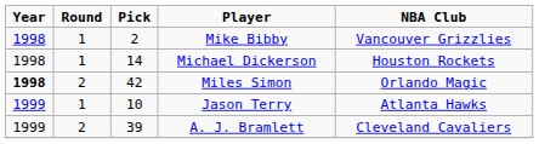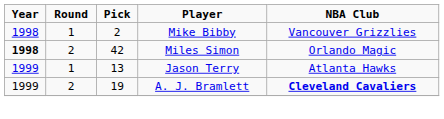 <table class="wikitable" width="40%">
 <tr align="center" style="background:#">
 <td><strong>Year</strong></td>
 <td><strong>Round</strong></td>
 <td><strong>Pick</strong></td>
 <td><strong>Player</strong></td>
 <td><strong>NBA Club</strong></td>
 </tr>
 <tr align="center" bgcolor="">
 <td><a href='#'>1998</a></td>
 <td>1</td>
 <td>2</td>
 <td><a href='#'>Mike Bibby</a></td>
 <td><a href='#'>Vancouver Grizzlies</a></td>
 </tr>
 <tr align="center" bgcolor="">
-<td>1998</td>
-<td>1</td>
-<td>14</td>
-<td><a href='#'>Michael Dickerson</a></td>
-<td><a href='#'>Houston Rockets</a></td>
-</tr>
-<tr align="center" bgcolor="">
 <td><strong>1998</strong></td>
 <td>2</td>
 <td>42</td>
 <td><a href='#'>Miles Simon</a></td>
 <td><a href='#'>Orlando Magic</a></td>
 </tr>
 <tr align="center" bgcolor="">
 <td><a href='#'>1999</a></td>
 <td>1</td>
-<td>10</td>
+<td>13</td>
 <td><a href='#'>Jason Terry</a></td>
 <td><a href='#'>Atlanta Hawks</a></td>
 </tr>
 <tr align="center" bgcolor="">
 <td>1999</td>
 <td>2</td>
-<td>39</td>
+<td>19</td>
 <td><a href='#'>A. J. Bramlett</a></td>
-<td><a href='#'>Cleveland Cavaliers</a></td>
+<td><strong><a href='#'>Cleveland Cavaliers</a></strong></td>
 </tr>
 <tr align="center" bgcolor="">
 </tr>
 </table>
